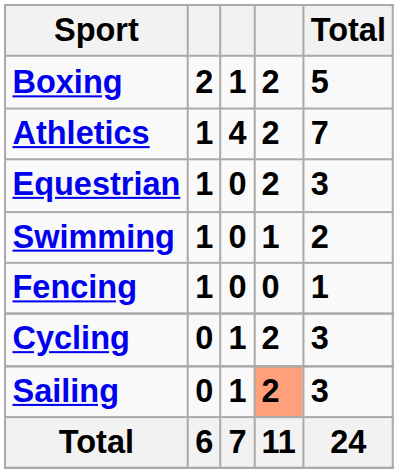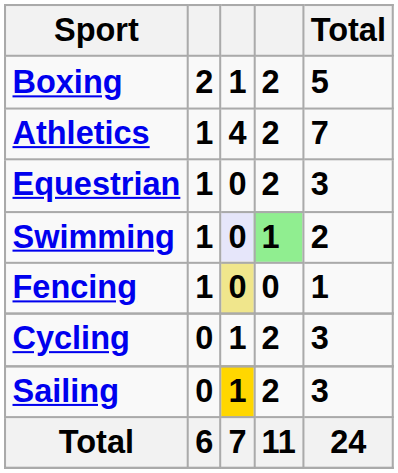 <table class="wikitable" style="font-size:85% align="right" style="text-align:center">
 <tr>
 <th>Sport</th>
 <th></th>
 <th></th>
 <th></th>
 <th>Total</th>
 </tr>
 <tr style="font-weight:bold;">
 <td><a href='#'>Boxing</a></td>
 <td>2</td>
 <td>1</td>
 <td>2</td>
 <td>5</td>
 </tr>
 <tr style="font-weight:bold;">
 <td><a href='#'>Athletics</a></td>
 <td>1</td>
 <td>4</td>
 <td>2</td>
 <td>7</td>
 </tr>
 <tr style="font-weight:bold;">
 <td><a href='#'>Equestrian</a></td>
 <td>1</td>
 <td>0</td>
 <td>2</td>
 <td>3</td>
 </tr>
 <tr style="font-weight:bold;">
 <td><a href='#'>Swimming</a></td>
 <td>1</td>
-<td>0</td>
-<td>1</td>
+<td style="background: lavender;">0</td>
+<td style="background: lightgreen;">1</td>
 <td>2</td>
 </tr>
 <tr style="font-weight:bold;">
 <td><a href='#'>Fencing</a></td>
 <td>1</td>
-<td>0</td>
+<td style="background: khaki;">0</td>
 <td>0</td>
 <td>1</td>
 </tr>
 <tr>
 </tr>
 <tr style="font-weight:bold;">
 <td><a href='#'>Cycling</a></td>
 <td>0</td>
 <td>1</td>
 <td>2</td>
 <td>3</td>
 </tr>
 <tr>
 </tr>
 <tr style="font-weight:bold;">
 <td><a href='#'>Sailing</a></td>
 <td>0</td>
-<td>1</td>
-<td style="background: lightsalmon;">2</td>
+<td style="background: gold;">1</td>
+<td>2</td>
 <td>3</td>
 </tr>
 <tr>
 <th>Total</th>
 <th>6</th>
 <th>7</th>
 <th>11</th>
 <th>24</th>
 </tr>
 <tr>
 </tr>
 </table>
